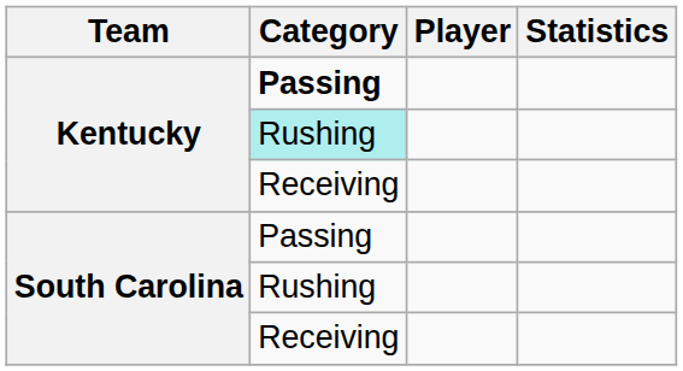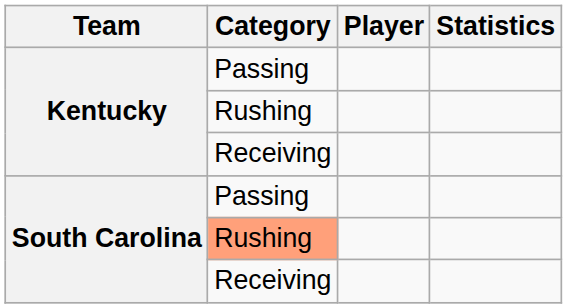 <table class="wikitable" style="float:right">
 <tr>
 <th>Team</th>
 <th>Category</th>
 <th>Player</th>
 <th>Statistics</th>
 </tr>
 <tr>
 <th rowspan=3>Kentucky</th>
-<td><strong>Passing</strong></td>
+<td>Passing</td>
 <td></td>
 <td></td>
 </tr>
 <tr>
-<td style="background: paleturquoise;">Rushing</td>
+<td>Rushing</td>
 <td></td>
 <td></td>
 </tr>
 <tr>
 <td>Receiving</td>
 <td></td>
 <td></td>
 </tr>
 <tr>
 <th rowspan=3>South Carolina</th>
 <td>Passing</td>
 <td></td>
 <td></td>
 </tr>
 <tr>
-<td>Rushing</td>
+<td style="background: lightsalmon;">Rushing</td>
 <td></td>
 <td></td>
 </tr>
 <tr>
 <td>Receiving</td>
 <td></td>
 <td></td>
 </tr>
 </table>
